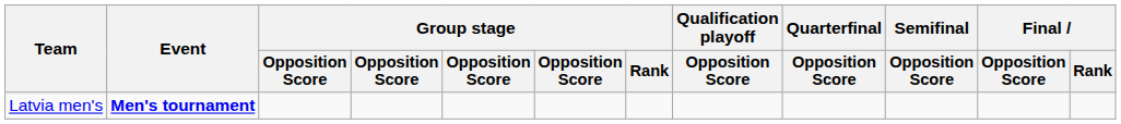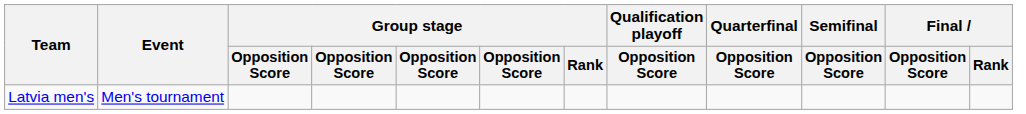 <table class="wikitable" style="font-size:90%">
 <tr>
 <th rowspan=2>Team</th>
 <th rowspan=2>Event</th>
 <th colspan=5>Group stage</th>
 <th>Qualification<br>playoff</th>
 <th>Quarterfinal</th>
 <th>Semifinal</th>
 <th colspan=2>Final / </th>
 </tr>
 <tr style="font-size:95%">
 <th>Opposition<br>Score</th>
 <th>Opposition<br>Score</th>
 <th>Opposition<br>Score</th>
 <th>Opposition<br>Score</th>
 <th>Rank</th>
 <th>Opposition<br>Score</th>
 <th>Opposition<br>Score</th>
 <th>Opposition<br>Score</th>
 <th>Opposition<br>Score</th>
 <th>Rank</th>
 </tr>
 <tr align=center>
 <td align=left><a href='#'>Latvia men's</a></td>
-<td align=left><strong><a href='#'>Men's tournament</a></strong></td>
+<td align=left><a href='#'>Men's tournament</a></td>
 <td></td>
 <td></td>
 <td></td>
 <td></td>
 <td></td>
 <td></td>
 <td></td>
 <td></td>
 <td></td>
 <td></td>
 </tr>
 </table>
